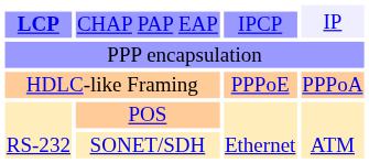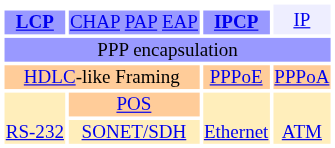 <table border="0" cellspacing="3" style="float:right; text-align:center; padding-left:15px">
 <tr>
 <td></td>
 <td></td>
 <td></td>
 <td bgcolor="#eeeeff" rowspan=2 colspan=1><a href='#'>IP</a></td>
 </tr>
 <tr>
 <td bgcolor="#9999ff"><strong><a href='#'>LCP</a></strong></td>
 <td bgcolor="#9999ff"><a href='#'>CHAP</a> <a href='#'>PAP</a> <a href='#'>EAP</a></td>
-<td bgcolor="#9999ff"><a href='#'>IPCP</a></td>
+<td bgcolor="#9999ff"><strong><a href='#'>IPCP</a></strong></td>
 </tr>
 <tr>
 <td bgcolor="#9999ff" rowspan=1 colspan=4>PPP encapsulation</td>
 </tr>
 <tr>
 <td bgcolor="#ffcc99" rowspan=1 colspan=2><a href='#'>HDLC</a>-like Framing</td>
 <td bgcolor="#ffcc99"><a href='#'>PPPoE</a></td>
 <td bgcolor="#ffcc99"><a href='#'>PPPoA</a></td>
 </tr>
 <tr>
 <td valign="bottom" bgcolor="#ffeebb" rowspan=2 colspan=1><a href='#'>RS-232</a></td>
 <td bgcolor="#ffcc99"><a href='#'>POS</a></td>
 <td valign="bottom" bgcolor="#ffeebb" rowspan=2 colspan=1><a href='#'>Ethernet</a></td>
 <td valign="bottom" bgcolor="#ffeebb" rowspan=2 colspan=1><a href='#'>ATM</a></td>
 </tr>
 <tr>
 <td bgcolor="#ffeebb"><a href='#'>SONET/SDH</a></td>
 </tr>
 </table>
